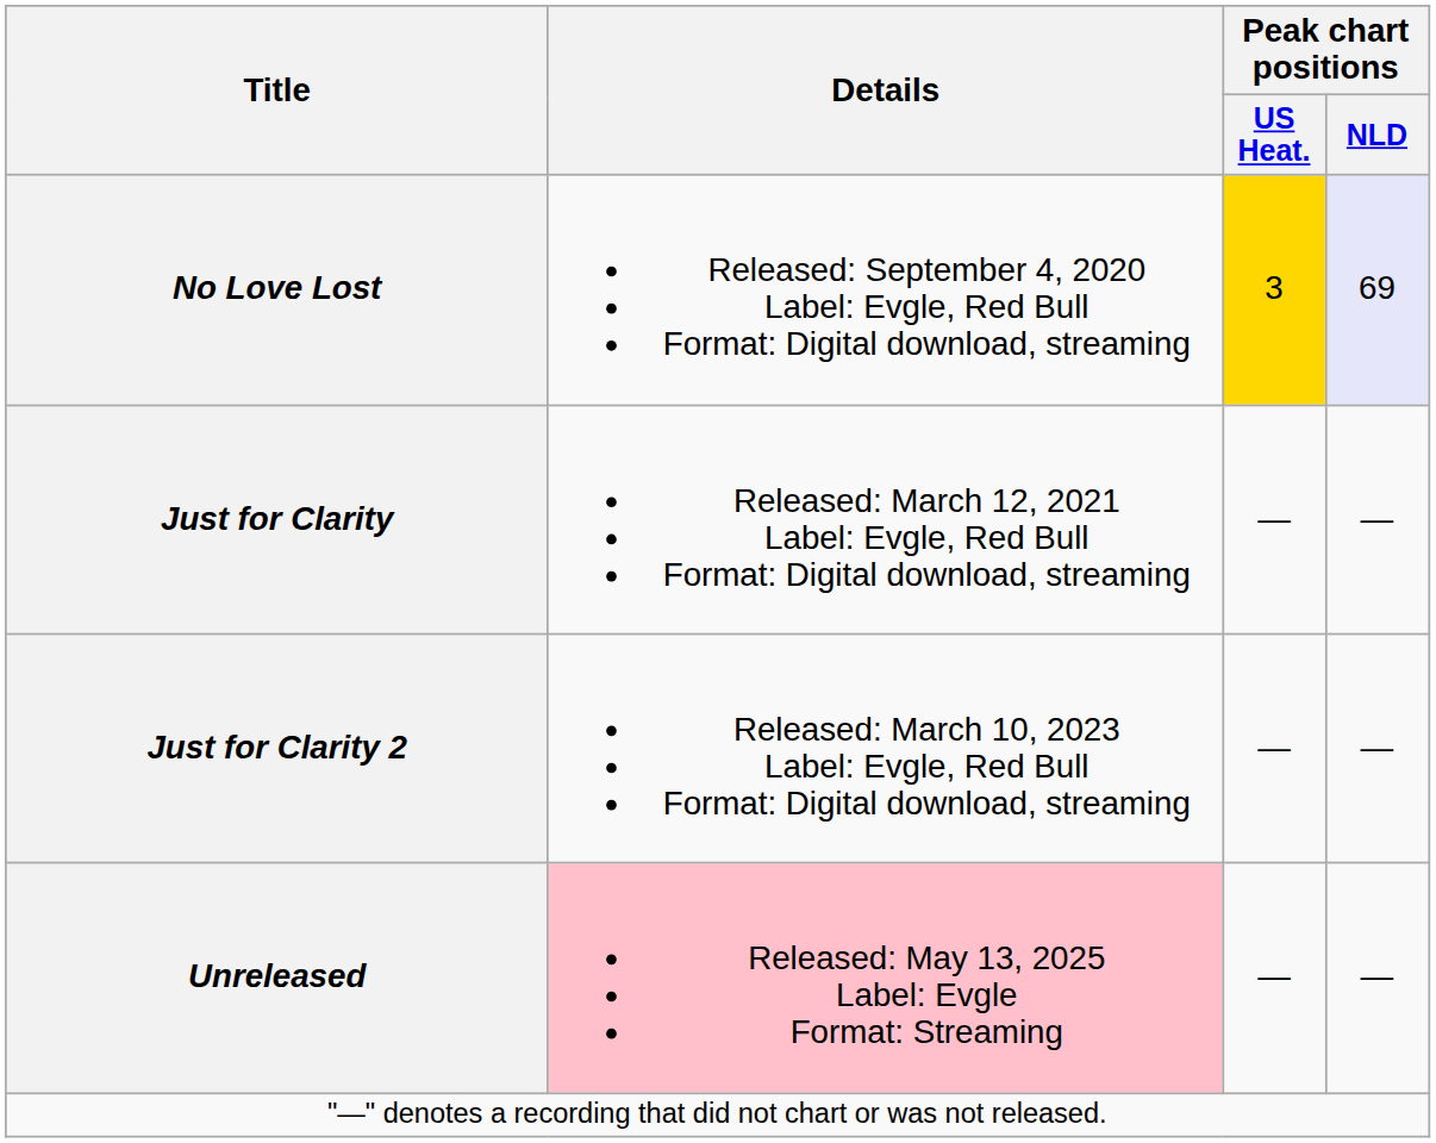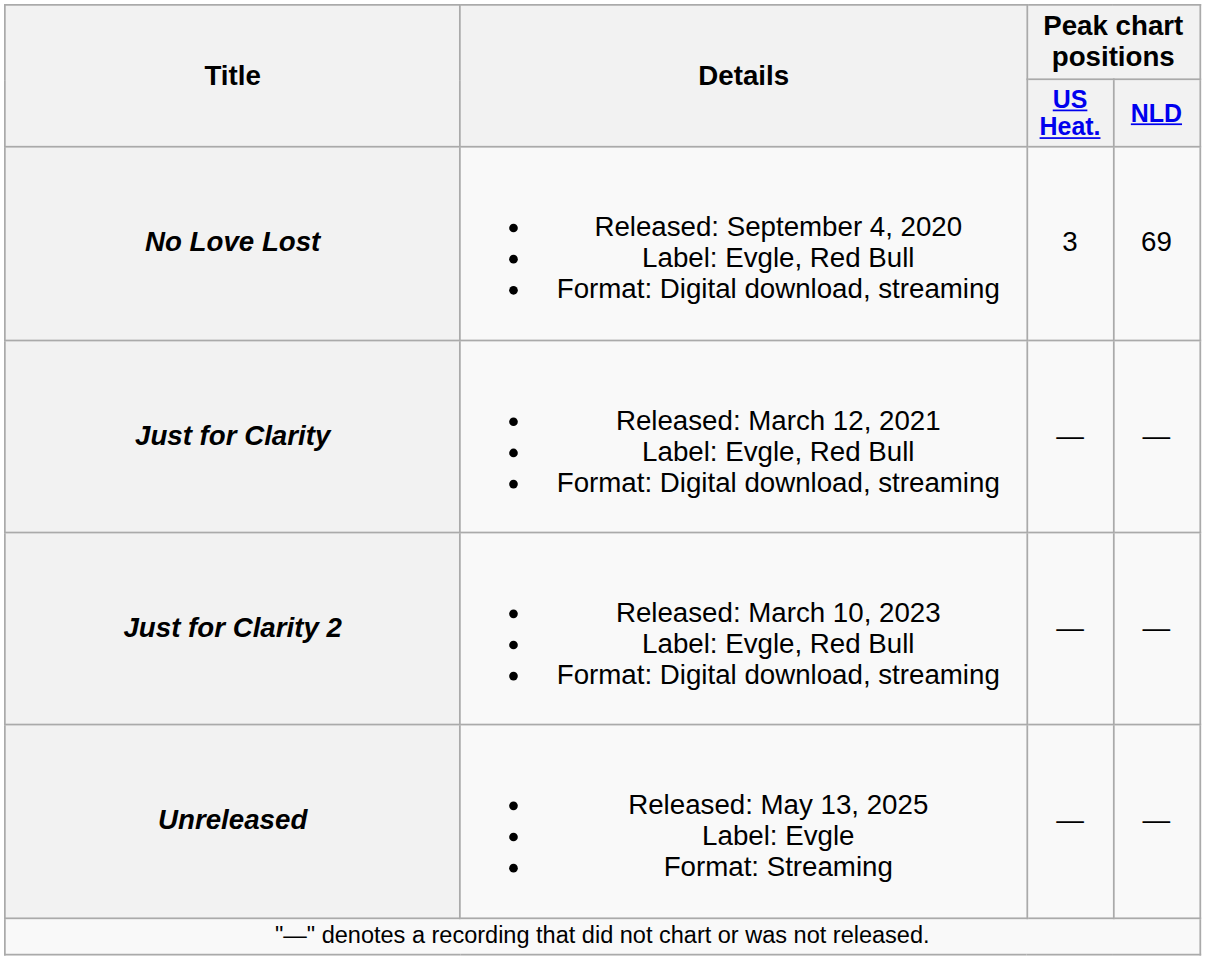 <table class="wikitable plainrowheaders" style="text-align:center;">
 <tr>
 <th scope="col" rowspan="2" style="width:16em;">Title</th>
 <th scope="col" rowspan="2" style="width:20em;">Details</th>
 <th scope="col" colspan="2">Peak chart positions</th>
 </tr>
 <tr>
 <th scope="col" style="width:3em;font-size:90%;"><a href='#'>US<br>Heat.</a></th>
 <th scope="col" style="width:3em;font-size:90%;"><a href='#'>NLD</a><br></th>
 </tr>
 <tr>
 <th scope="row"><em>No Love Lost</em></th>
 <td><br><ul><li>Released: September 4, 2020</li><li>Label: Evgle, Red Bull</li><li>Format: Digital download, streaming</li></ul></td>
-<td style="background: gold;">3<br></td>
-<td style="background: lavender;">69</td>
+<td>3<br></td>
+<td>69</td>
 </tr>
 <tr>
 <th scope="row"><em>Just for Clarity</em></th>
 <td><br><ul><li>Released: March 12, 2021</li><li>Label: Evgle, Red Bull</li><li>Format: Digital download, streaming</li></ul></td>
 <td>—</td>
 <td>—</td>
 </tr>
 <tr>
 <th scope="row"><em>Just for Clarity 2</em></th>
 <td><br><ul><li>Released: March 10, 2023</li><li>Label: Evgle, Red Bull</li><li>Format: Digital download, streaming</li></ul></td>
 <td>—</td>
 <td>—</td>
 </tr>
 <tr>
 <th scope="row"><em>Unreleased</em></th>
-<td style="background: pink;"><br><ul><li>Released: May 13, 2025</li><li>Label: Evgle</li><li>Format: Streaming</li></ul></td>
+<td><br><ul><li>Released: May 13, 2025</li><li>Label: Evgle</li><li>Format: Streaming</li></ul></td>
 <td>—</td>
 <td>—</td>
 </tr>
 <tr>
 <td colspan="9" style="font-size:85%">"—" denotes a recording that did not chart or was not released.</td>
 </tr>
 </table>
